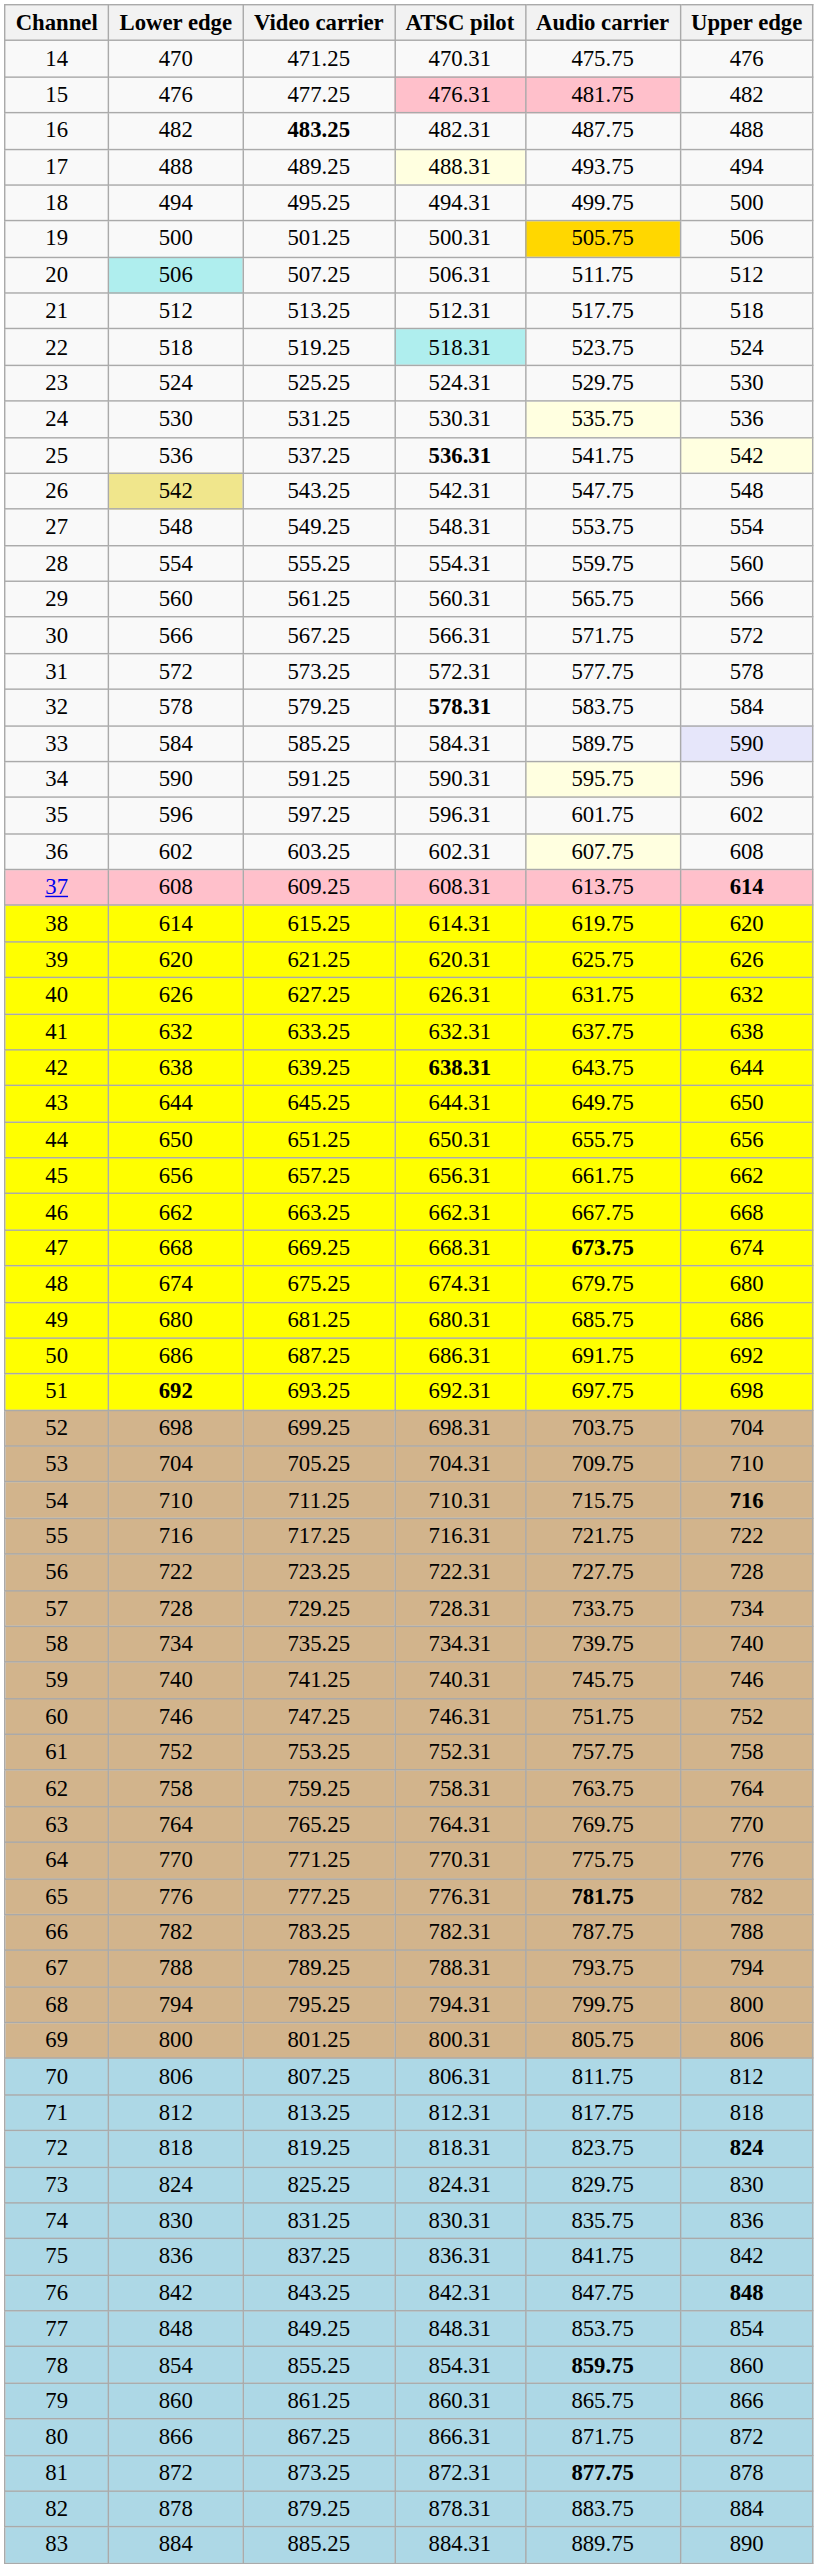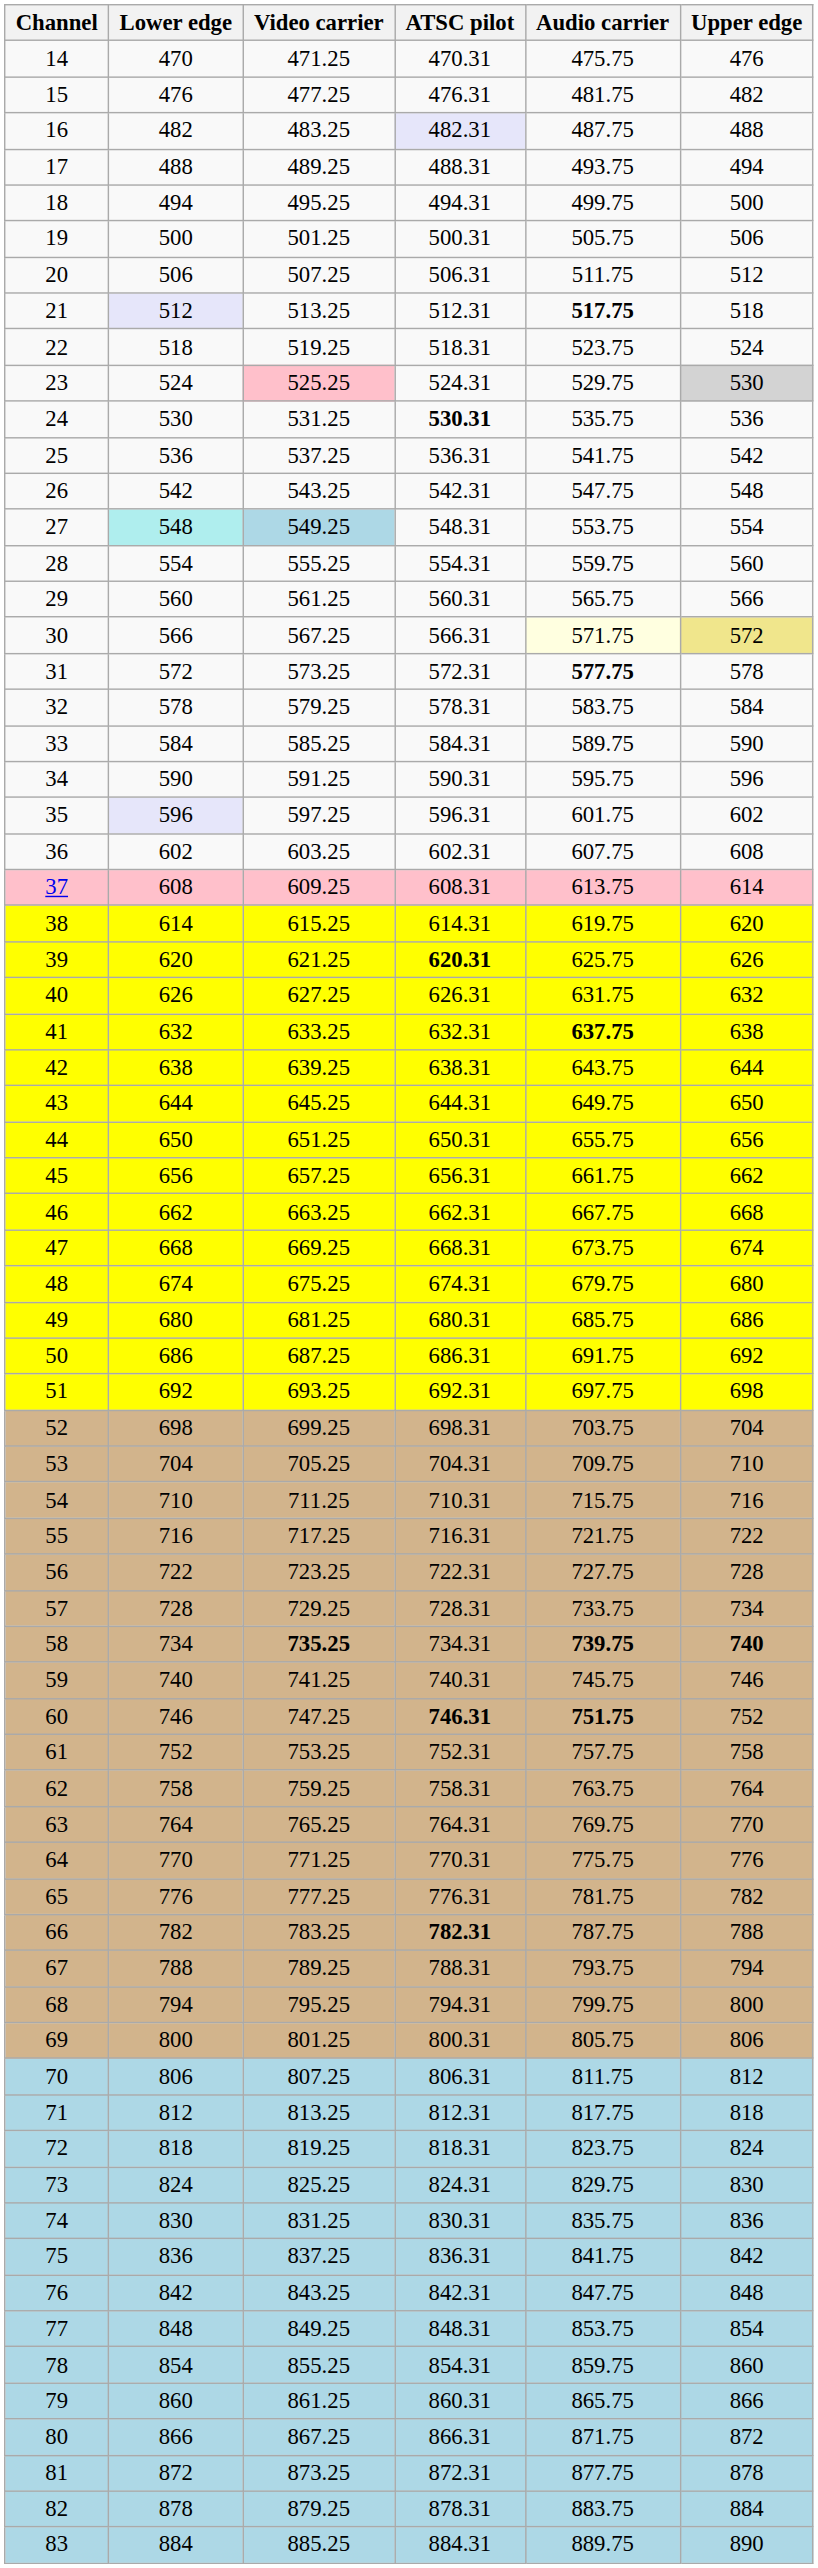 <table class="wikitable" style="text-align: center">
 <tr>
 <th> Channel </th>
 <th> Lower edge </th>
 <th> Video carrier </th>
 <th> ATSC pilot </th>
 <th> Audio carrier </th>
 <th> Upper edge </th>
 </tr>
 <tr>
 <td>14</td>
 <td>470</td>
 <td>471.25</td>
 <td>470.31</td>
 <td>475.75</td>
 <td>476</td>
 </tr>
 <tr>
 <td>15</td>
 <td>476</td>
 <td>477.25</td>
-<td style="background: pink;">476.31</td>
-<td style="background: pink;">481.75</td>
+<td>476.31</td>
+<td>481.75</td>
 <td>482</td>
 </tr>
 <tr>
 <td>16</td>
 <td>482</td>
-<td><strong>483.25</strong></td>
-<td>482.31</td>
+<td>483.25</td>
+<td style="background: lavender;">482.31</td>
 <td>487.75</td>
 <td>488</td>
 </tr>
 <tr>
 <td>17</td>
 <td>488</td>
 <td>489.25</td>
-<td style="background: lightyellow;">488.31</td>
+<td>488.31</td>
 <td>493.75</td>
 <td>494</td>
 </tr>
 <tr>
 <td>18</td>
 <td>494</td>
 <td>495.25</td>
 <td>494.31</td>
 <td>499.75</td>
 <td>500</td>
 </tr>
 <tr>
 <td>19</td>
 <td>500</td>
 <td>501.25</td>
 <td>500.31</td>
-<td style="background: gold;">505.75</td>
+<td>505.75</td>
 <td>506</td>
 </tr>
 <tr>
 <td>20</td>
-<td style="background: paleturquoise;">506</td>
+<td>506</td>
 <td>507.25</td>
 <td>506.31</td>
 <td>511.75</td>
 <td>512</td>
 </tr>
 <tr>
 <td>21</td>
-<td>512</td>
+<td style="background: lavender;">512</td>
 <td>513.25</td>
 <td>512.31</td>
-<td>517.75</td>
+<td><strong>517.75</strong></td>
 <td>518</td>
 </tr>
 <tr>
 <td>22</td>
 <td>518</td>
 <td>519.25</td>
-<td style="background: paleturquoise;">518.31</td>
+<td>518.31</td>
 <td>523.75</td>
 <td>524</td>
 </tr>
 <tr>
 <td>23</td>
 <td>524</td>
-<td>525.25</td>
+<td style="background: pink;">525.25</td>
 <td>524.31</td>
 <td>529.75</td>
-<td>530</td>
+<td style="background: lightgrey;">530</td>
 </tr>
 <tr>
 <td>24</td>
 <td>530</td>
 <td>531.25</td>
-<td>530.31</td>
-<td style="background: lightyellow;">535.75</td>
+<td><strong>530.31</strong></td>
+<td>535.75</td>
 <td>536</td>
 </tr>
 <tr>
 <td>25</td>
 <td>536</td>
 <td>537.25</td>
-<td><strong>536.31</strong></td>
+<td>536.31</td>
 <td>541.75</td>
-<td style="background: lightyellow;">542</td>
+<td>542</td>
 </tr>
 <tr>
 <td>26</td>
-<td style="background: khaki;">542</td>
+<td>542</td>
 <td>543.25</td>
 <td>542.31</td>
 <td>547.75</td>
 <td>548</td>
 </tr>
 <tr>
 <td>27</td>
-<td>548</td>
-<td>549.25</td>
+<td style="background: paleturquoise;">548</td>
+<td style="background: lightblue;">549.25</td>
 <td>548.31</td>
 <td>553.75</td>
 <td>554</td>
 </tr>
 <tr>
 <td>28</td>
 <td>554</td>
 <td>555.25</td>
 <td>554.31</td>
 <td>559.75</td>
 <td>560</td>
 </tr>
 <tr>
 <td>29</td>
 <td>560</td>
 <td>561.25</td>
 <td>560.31</td>
 <td>565.75</td>
 <td>566</td>
 </tr>
 <tr>
 <td>30</td>
 <td>566</td>
 <td>567.25</td>
 <td>566.31</td>
-<td>571.75</td>
-<td>572</td>
+<td style="background: lightyellow;">571.75</td>
+<td style="background: khaki;">572</td>
 </tr>
 <tr>
 <td>31</td>
 <td>572</td>
 <td>573.25</td>
 <td>572.31</td>
-<td>577.75</td>
+<td><strong>577.75</strong></td>
 <td>578</td>
 </tr>
 <tr>
 <td>32</td>
 <td>578</td>
 <td>579.25</td>
-<td><strong>578.31</strong></td>
+<td>578.31</td>
 <td>583.75</td>
 <td>584</td>
 </tr>
 <tr>
 <td>33</td>
 <td>584</td>
 <td>585.25</td>
 <td>584.31</td>
 <td>589.75</td>
-<td style="background: lavender;">590</td>
+<td>590</td>
 </tr>
 <tr>
 <td>34</td>
 <td>590</td>
 <td>591.25</td>
 <td>590.31</td>
-<td style="background: lightyellow;">595.75</td>
+<td>595.75</td>
 <td>596</td>
 </tr>
 <tr>
 <td>35</td>
-<td>596</td>
+<td style="background: lavender;">596</td>
 <td>597.25</td>
 <td>596.31</td>
 <td>601.75</td>
 <td>602</td>
 </tr>
 <tr>
 <td>36</td>
 <td>602</td>
 <td>603.25</td>
 <td>602.31</td>
-<td style="background: lightyellow;">607.75</td>
+<td>607.75</td>
 <td>608</td>
 </tr>
 <tr bgcolor=pink>
 <td><a href='#'>37</a></td>
 <td>608</td>
 <td>609.25</td>
 <td>608.31</td>
 <td>613.75</td>
-<td><strong>614</strong></td>
+<td>614</td>
 </tr>
 <tr bgcolor=yellow>
 <td>38</td>
 <td>614</td>
 <td>615.25</td>
 <td>614.31</td>
 <td>619.75</td>
 <td>620</td>
 </tr>
 <tr bgcolor=yellow>
 <td>39</td>
 <td>620</td>
 <td>621.25</td>
-<td>620.31</td>
+<td><strong>620.31</strong></td>
 <td>625.75</td>
 <td>626</td>
 </tr>
 <tr bgcolor=yellow>
 <td>40</td>
 <td>626</td>
 <td>627.25</td>
 <td>626.31</td>
 <td>631.75</td>
 <td>632</td>
 </tr>
 <tr bgcolor=yellow>
 <td>41</td>
 <td>632</td>
 <td>633.25</td>
 <td>632.31</td>
-<td>637.75</td>
+<td><strong>637.75</strong></td>
 <td>638</td>
 </tr>
 <tr bgcolor=yellow>
 <td>42</td>
 <td>638</td>
 <td>639.25</td>
-<td><strong>638.31</strong></td>
+<td>638.31</td>
 <td>643.75</td>
 <td>644</td>
 </tr>
 <tr bgcolor=yellow>
 <td>43</td>
 <td>644</td>
 <td>645.25</td>
 <td>644.31</td>
 <td>649.75</td>
 <td>650</td>
 </tr>
 <tr bgcolor=yellow>
 <td>44</td>
 <td>650</td>
 <td>651.25</td>
 <td>650.31</td>
 <td>655.75</td>
 <td>656</td>
 </tr>
 <tr bgcolor=yellow>
 <td>45</td>
 <td>656</td>
 <td>657.25</td>
 <td>656.31</td>
 <td>661.75</td>
 <td>662</td>
 </tr>
 <tr bgcolor=yellow>
 <td>46</td>
 <td>662</td>
 <td>663.25</td>
 <td>662.31</td>
 <td>667.75</td>
 <td>668</td>
 </tr>
 <tr bgcolor=yellow>
 <td>47</td>
 <td>668</td>
 <td>669.25</td>
 <td>668.31</td>
-<td><strong>673.75</strong></td>
+<td>673.75</td>
 <td>674</td>
 </tr>
 <tr bgcolor=yellow>
 <td>48</td>
 <td>674</td>
 <td>675.25</td>
 <td>674.31</td>
 <td>679.75</td>
 <td>680</td>
 </tr>
 <tr bgcolor=yellow>
 <td>49</td>
 <td>680</td>
 <td>681.25</td>
 <td>680.31</td>
 <td>685.75</td>
 <td>686</td>
 </tr>
 <tr bgcolor=yellow>
 <td>50</td>
 <td>686</td>
 <td>687.25</td>
 <td>686.31</td>
 <td>691.75</td>
 <td>692</td>
 </tr>
 <tr bgcolor=yellow>
 <td>51</td>
-<td><strong>692</strong></td>
+<td>692</td>
 <td>693.25</td>
 <td>692.31</td>
 <td>697.75</td>
 <td>698</td>
 </tr>
 <tr bgcolor=tan>
 <td>52</td>
 <td>698</td>
 <td>699.25</td>
 <td>698.31</td>
 <td>703.75</td>
 <td>704</td>
 </tr>
 <tr bgcolor=tan>
 <td>53</td>
 <td>704</td>
 <td>705.25</td>
 <td>704.31</td>
 <td>709.75</td>
 <td>710</td>
 </tr>
 <tr bgcolor=tan>
 <td>54</td>
 <td>710</td>
 <td>711.25</td>
 <td>710.31</td>
 <td>715.75</td>
-<td><strong>716</strong></td>
+<td>716</td>
 </tr>
 <tr bgcolor=tan>
 <td>55</td>
 <td>716</td>
 <td>717.25</td>
 <td>716.31</td>
 <td>721.75</td>
 <td>722</td>
 </tr>
 <tr bgcolor=tan>
 <td>56</td>
 <td>722</td>
 <td>723.25</td>
 <td>722.31</td>
 <td>727.75</td>
 <td>728</td>
 </tr>
 <tr bgcolor=tan>
 <td>57</td>
 <td>728</td>
 <td>729.25</td>
 <td>728.31</td>
 <td>733.75</td>
 <td>734</td>
 </tr>
 <tr bgcolor=tan>
 <td>58</td>
 <td>734</td>
-<td>735.25</td>
+<td><strong>735.25</strong></td>
 <td>734.31</td>
-<td>739.75</td>
-<td>740</td>
+<td><strong>739.75</strong></td>
+<td><strong>740</strong></td>
 </tr>
 <tr bgcolor=tan>
 <td>59</td>
 <td>740</td>
 <td>741.25</td>
 <td>740.31</td>
 <td>745.75</td>
 <td>746</td>
 </tr>
 <tr bgcolor=tan>
 <td>60</td>
 <td>746</td>
 <td>747.25</td>
-<td>746.31</td>
-<td>751.75</td>
+<td><strong>746.31</strong></td>
+<td><strong>751.75</strong></td>
 <td>752</td>
 </tr>
 <tr bgcolor=tan>
 <td>61</td>
 <td>752</td>
 <td>753.25</td>
 <td>752.31</td>
 <td>757.75</td>
 <td>758</td>
 </tr>
 <tr bgcolor=tan>
 <td>62</td>
 <td>758</td>
 <td>759.25</td>
 <td>758.31</td>
 <td>763.75</td>
 <td>764</td>
 </tr>
 <tr bgcolor=tan>
 <td>63</td>
 <td>764</td>
 <td>765.25</td>
 <td>764.31</td>
 <td>769.75</td>
 <td>770</td>
 </tr>
 <tr bgcolor=tan>
 <td>64</td>
 <td>770</td>
 <td>771.25</td>
 <td>770.31</td>
 <td>775.75</td>
 <td>776</td>
 </tr>
 <tr bgcolor=tan>
 <td>65</td>
 <td>776</td>
 <td>777.25</td>
 <td>776.31</td>
-<td><strong>781.75</strong></td>
+<td>781.75</td>
 <td>782</td>
 </tr>
 <tr bgcolor=tan>
 <td>66</td>
 <td>782</td>
 <td>783.25</td>
-<td>782.31</td>
+<td><strong>782.31</strong></td>
 <td>787.75</td>
 <td>788</td>
 </tr>
 <tr bgcolor=tan>
 <td>67</td>
 <td>788</td>
 <td>789.25</td>
 <td>788.31</td>
 <td>793.75</td>
 <td>794</td>
 </tr>
 <tr bgcolor=tan>
 <td>68</td>
 <td>794</td>
 <td>795.25</td>
 <td>794.31</td>
 <td>799.75</td>
 <td>800</td>
 </tr>
 <tr bgcolor=tan>
 <td>69</td>
 <td>800</td>
 <td>801.25</td>
 <td>800.31</td>
 <td>805.75</td>
 <td>806</td>
 </tr>
 <tr bgcolor=lightblue>
 <td>70</td>
 <td>806</td>
 <td>807.25</td>
 <td>806.31</td>
 <td>811.75</td>
 <td>812</td>
 </tr>
 <tr bgcolor=lightblue>
 <td>71</td>
 <td>812</td>
 <td>813.25</td>
 <td>812.31</td>
 <td>817.75</td>
 <td>818</td>
 </tr>
 <tr bgcolor=lightblue>
 <td>72</td>
 <td>818</td>
 <td>819.25</td>
 <td>818.31</td>
 <td>823.75</td>
-<td><strong>824</strong></td>
+<td>824</td>
 </tr>
 <tr bgcolor=lightblue>
 <td>73</td>
 <td>824</td>
 <td>825.25</td>
 <td>824.31</td>
 <td>829.75</td>
 <td>830</td>
 </tr>
 <tr bgcolor=lightblue>
 <td>74</td>
 <td>830</td>
 <td>831.25</td>
 <td>830.31</td>
 <td>835.75</td>
 <td>836</td>
 </tr>
 <tr bgcolor=lightblue>
 <td>75</td>
 <td>836</td>
 <td>837.25</td>
 <td>836.31</td>
 <td>841.75</td>
 <td>842</td>
 </tr>
 <tr bgcolor=lightblue>
 <td>76</td>
 <td>842</td>
 <td>843.25</td>
 <td>842.31</td>
 <td>847.75</td>
-<td><strong>848</strong></td>
+<td>848</td>
 </tr>
 <tr bgcolor=lightblue>
 <td>77</td>
 <td>848</td>
 <td>849.25</td>
 <td>848.31</td>
 <td>853.75</td>
 <td>854</td>
 </tr>
 <tr bgcolor=lightblue>
 <td>78</td>
 <td>854</td>
 <td>855.25</td>
 <td>854.31</td>
-<td><strong>859.75</strong></td>
+<td>859.75</td>
 <td>860</td>
 </tr>
 <tr bgcolor=lightblue>
 <td>79</td>
 <td>860</td>
 <td>861.25</td>
 <td>860.31</td>
 <td>865.75</td>
 <td>866</td>
 </tr>
 <tr bgcolor=lightblue>
 <td>80</td>
 <td>866</td>
 <td>867.25</td>
 <td>866.31</td>
 <td>871.75</td>
 <td>872</td>
 </tr>
 <tr bgcolor=lightblue>
 <td>81</td>
 <td>872</td>
 <td>873.25</td>
 <td>872.31</td>
-<td><strong>877.75</strong></td>
+<td>877.75</td>
 <td>878</td>
 </tr>
 <tr bgcolor=lightblue>
 <td>82</td>
 <td>878</td>
 <td>879.25</td>
 <td>878.31</td>
 <td>883.75</td>
 <td>884</td>
 </tr>
 <tr bgcolor=lightblue>
 <td>83</td>
 <td>884</td>
 <td>885.25</td>
 <td>884.31</td>
 <td>889.75</td>
 <td>890</td>
 </tr>
 </table>
